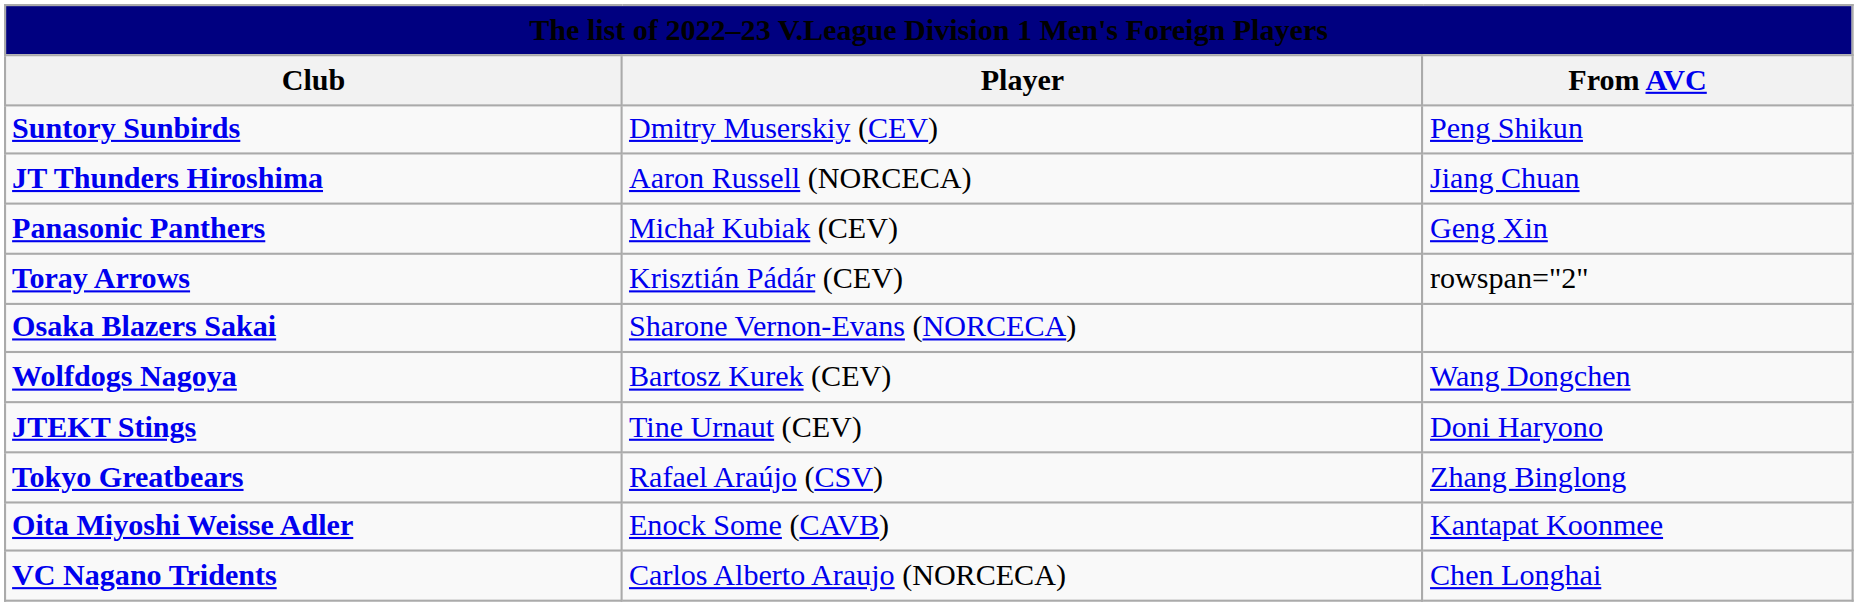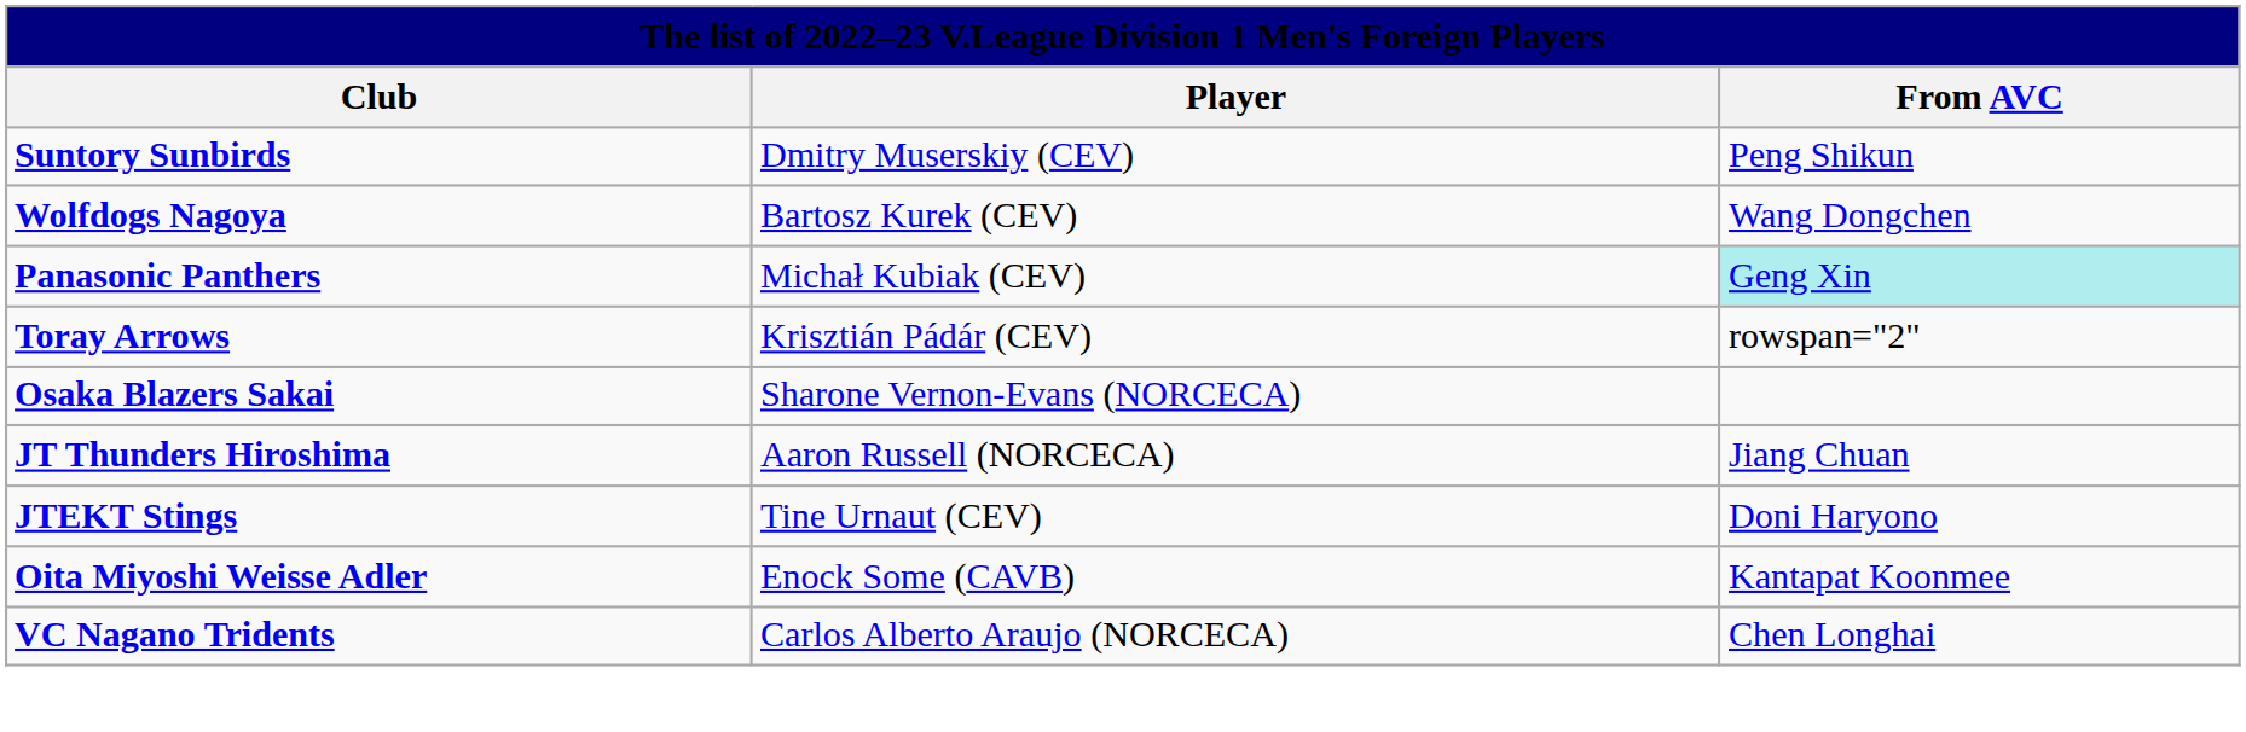 <table class="wikitable" style="font-size:90%; width:70%; text-align:left;">
 <tr>
 <th style=background:Navy Blue colspan=3><span>The list of 2022–23 V.League Division 1 Men's Foreign Players</span></th>
 </tr>
 <tr>
 <th>Club</th>
 <th>Player</th>
 <th>From <a href='#'>AVC</a></th>
 </tr>
 <tr>
 <td><strong><a href='#'>Suntory Sunbirds</a></strong></td>
 <td> <a href='#'>Dmitry Muserskiy</a> (<a href='#'>CEV</a>)</td>
 <td> <a href='#'>Peng Shikun</a></td>
 </tr>
 <tr>
-<td><strong><a href='#'>JT Thunders Hiroshima</a></strong></td>
-<td> <a href='#'>Aaron Russell</a> (NORCECA)</td>
-<td> <a href='#'>Jiang Chuan</a></td>
+<td><strong><a href='#'>Wolfdogs Nagoya</a></strong></td>
+<td> <a href='#'>Bartosz Kurek</a> (CEV)</td>
+<td> <a href='#'>Wang Dongchen</a></td>
 </tr>
 <tr>
 <td><strong><a href='#'>Panasonic Panthers</a></strong></td>
 <td> <a href='#'>Michał Kubiak</a> (CEV)</td>
-<td> <a href='#'>Geng Xin</a></td>
+<td style="background: paleturquoise;"> <a href='#'>Geng Xin</a></td>
 </tr>
 <tr>
 <td><strong><a href='#'>Toray Arrows</a></strong></td>
 <td> <a href='#'>Krisztián Pádár</a> (CEV)</td>
 <td>rowspan="2" </td>
 </tr>
 <tr>
 <td><strong><a href='#'>Osaka Blazers Sakai</a></strong></td>
 <td> <a href='#'>Sharone Vernon-Evans</a> (<a href='#'>NORCECA</a>)</td>
 </tr>
 <tr>
-<td><strong><a href='#'>Wolfdogs Nagoya</a></strong></td>
-<td> <a href='#'>Bartosz Kurek</a> (CEV)</td>
-<td> <a href='#'>Wang Dongchen</a></td>
+<td><strong><a href='#'>JT Thunders Hiroshima</a></strong></td>
+<td> <a href='#'>Aaron Russell</a> (NORCECA)</td>
+<td> <a href='#'>Jiang Chuan</a></td>
 </tr>
 <tr>
 <td><strong><a href='#'>JTEKT Stings</a></strong></td>
 <td> <a href='#'>Tine Urnaut</a> (CEV)</td>
 <td> <a href='#'>Doni Haryono</a></td>
-</tr>
-<tr>
-<td><strong><a href='#'>Tokyo Greatbears</a></strong></td>
-<td> <a href='#'>Rafael Araújo</a> (<a href='#'>CSV</a>)</td>
-<td> <a href='#'>Zhang Binglong</a></td>
 </tr>
 <tr>
 <td><strong><a href='#'>Oita Miyoshi Weisse Adler</a></strong></td>
 <td> <a href='#'>Enock Some</a> (<a href='#'>CAVB</a>)</td>
 <td> <a href='#'>Kantapat Koonmee</a></td>
 </tr>
 <tr>
 <td><strong><a href='#'>VC Nagano Tridents</a></strong></td>
 <td> <a href='#'>Carlos Alberto Araujo</a> (NORCECA)</td>
 <td> <a href='#'>Chen Longhai</a></td>
 </tr>
 </table>
